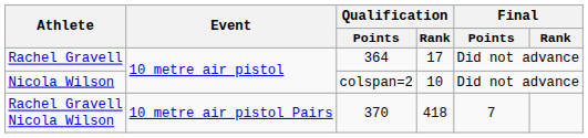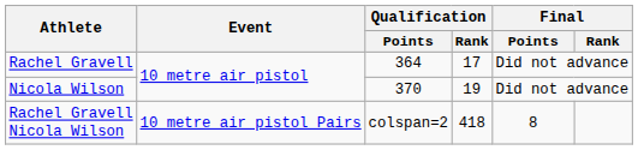 <table class="wikitable" style="font-size:90%">
 <tr>
 <th rowspan=2>Athlete</th>
 <th rowspan=2>Event</th>
 <th colspan=2>Qualification</th>
 <th colspan=2>Final</th>
 </tr>
 <tr style="font-size:95%">
 <th>Points</th>
 <th>Rank</th>
 <th>Points</th>
 <th>Rank</th>
 </tr>
 <tr align=center>
 <td align=left><a href='#'>Rachel Gravell</a></td>
 <td align=left rowspan="2"><a href='#'>10 metre air pistol</a></td>
 <td>364</td>
 <td>17</td>
 <td colspan=2>Did not advance</td>
 </tr>
 <tr align=center>
 <td align=left><a href='#'>Nicola Wilson</a></td>
-<td>colspan=2 </td>
-<td>10</td>
+<td>370</td>
+<td>19</td>
 <td colspan=2>Did not advance</td>
 </tr>
 <tr align=center>
 <td align=left><a href='#'>Rachel Gravell</a><br><a href='#'>Nicola Wilson</a></td>
 <td align=left rowspan="2"><a href='#'>10 metre air pistol Pairs</a></td>
-<td>370</td>
+<td>colspan=2 </td>
 <td>418</td>
-<td>7</td>
+<td>8</td>
 </tr>
 </table>
